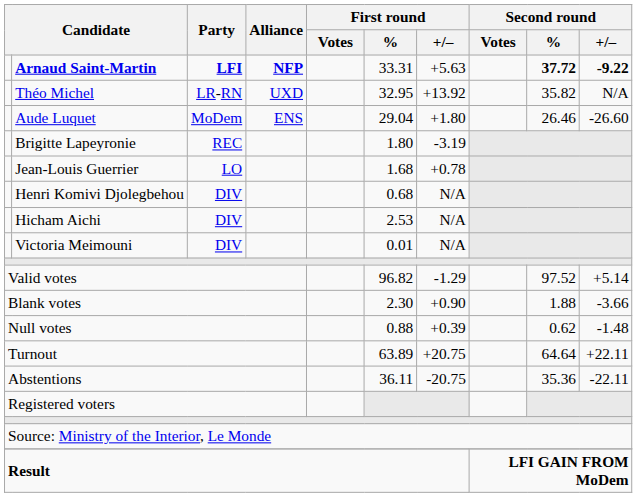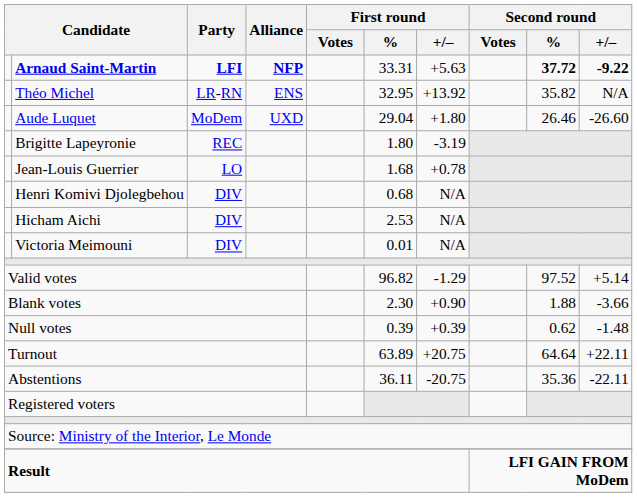 <table class="wikitable" style="text-align:right;font-size:95%;">
 <tr>
 <th rowspan="2" colspan="2">Candidate</th>
 <th rowspan="2">Party</th>
 <th rowspan="2">Alliance</th>
 <th colspan="3">First round</th>
 <th colspan="3">Second round</th>
 </tr>
 <tr>
 <th style="width:50px;">Votes</th>
 <th style="width:45px;">%</th>
 <th style="width:45px;">+/–</th>
 <th style="width:50px;">Votes</th>
 <th style="width:45px;">%</th>
 <th style="width:45px;">+/–</th>
 </tr>
 <tr>
 <td style="color:inherit;background:"></td>
 <td style="text-align:left;"><strong><a href='#'>Arnaud Saint-Martin</a></strong></td>
 <td><a href='#'><strong>LFI</strong></a></td>
 <td><a href='#'><strong>NFP</strong></a></td>
 <td></td>
 <td>33.31</td>
 <td>+5.63</td>
 <td><strong></strong></td>
 <td><strong>37.72</strong></td>
 <td><strong>-9.22</strong></td>
 </tr>
 <tr>
 <td style="color:inherit;background:"></td>
 <td style="text-align:left;"><a href='#'>Théo Michel</a></td>
 <td><a href='#'>LR</a>-<a href='#'>RN</a></td>
-<td><a href='#'>UXD</a></td>
+<td><a href='#'>ENS</a></td>
 <td></td>
 <td>32.95</td>
 <td>+13.92</td>
 <td></td>
 <td>35.82</td>
 <td>N/A</td>
 </tr>
 <tr>
 <td style="color:inherit;background:"></td>
 <td style="text-align:left;"><a href='#'>Aude Luquet</a></td>
 <td><a href='#'>MoDem</a></td>
-<td><a href='#'>ENS</a></td>
+<td><a href='#'>UXD</a></td>
 <td></td>
 <td>29.04</td>
 <td>+1.80</td>
 <td></td>
 <td>26.46</td>
 <td>-26.60</td>
 </tr>
 <tr>
 <td style="color:inherit;background:"></td>
 <td style="text-align:left;">Brigitte Lapeyronie</td>
 <td><a href='#'>REC</a></td>
 <td></td>
 <td></td>
 <td>1.80</td>
 <td>-3.19</td>
 <td colspan="3" style="background:#E9E9E9;"></td>
 </tr>
 <tr>
 <td style="color:inherit;background:"></td>
 <td style="text-align:left;">Jean-Louis Guerrier</td>
 <td><a href='#'>LO</a></td>
 <td></td>
 <td></td>
 <td>1.68</td>
 <td>+0.78</td>
 <td colspan="3" style="background:#E9E9E9;"></td>
 </tr>
 <tr>
 <td style="color:inherit;background:"></td>
 <td style="text-align:left;">Henri Komivi Djolegbehou</td>
 <td><a href='#'>DIV</a></td>
 <td></td>
 <td></td>
 <td>0.68</td>
 <td>N/A</td>
 <td colspan="3" style="background:#E9E9E9;"></td>
 </tr>
 <tr>
 <td style="color:inherit;background:"></td>
 <td style="text-align:left;">Hicham Aichi</td>
 <td><a href='#'>DIV</a></td>
 <td></td>
 <td></td>
 <td>2.53</td>
 <td>N/A</td>
 <td colspan="3" style="background:#E9E9E9;"></td>
 </tr>
 <tr>
 <td style="color:inherit;background:"></td>
 <td style="text-align:left;">Victoria Meimouni</td>
 <td><a href='#'>DIV</a></td>
 <td></td>
 <td></td>
 <td>0.01</td>
 <td>N/A</td>
 <td colspan="3" style="background:#E9E9E9;"></td>
 </tr>
 <tr>
 <td colspan="10" style="background:#E9E9E9;"></td>
 </tr>
 <tr>
 <td colspan="4" style="text-align:left;">Valid votes</td>
 <td></td>
 <td>96.82</td>
 <td>-1.29</td>
 <td></td>
 <td>97.52</td>
 <td>+5.14</td>
 </tr>
 <tr>
 <td colspan="4" style="text-align:left;">Blank votes</td>
 <td></td>
 <td>2.30</td>
 <td>+0.90</td>
 <td></td>
 <td>1.88</td>
 <td>-3.66</td>
 </tr>
 <tr>
 <td colspan="4" style="text-align:left;">Null votes</td>
 <td></td>
-<td>0.88</td>
+<td>0.39</td>
 <td>+0.39</td>
 <td></td>
 <td>0.62</td>
 <td>-1.48</td>
 </tr>
 <tr>
 <td colspan="4" style="text-align:left;">Turnout</td>
 <td></td>
 <td>63.89</td>
 <td>+20.75</td>
 <td></td>
 <td>64.64</td>
 <td>+22.11</td>
 </tr>
 <tr>
 <td colspan="4" style="text-align:left;">Abstentions</td>
 <td></td>
 <td>36.11</td>
 <td>-20.75</td>
 <td></td>
 <td>35.36</td>
 <td>-22.11</td>
 </tr>
 <tr>
 <td colspan="4" style="text-align:left;">Registered voters</td>
 <td></td>
 <td colspan="2" style="background:#E9E9E9;"></td>
 <td></td>
 <td colspan="2" style="background:#E9E9E9;"></td>
 </tr>
 <tr>
 <td colspan="10" style="background:#E9E9E9;"></td>
 </tr>
 <tr>
 <td colspan="10" style="text-align:left;">Source: <a href='#'>Ministry of the Interior</a>, <a href='#'>Le Monde</a></td>
 </tr>
 <tr>
 </tr>
 <tr style="font-weight:bold">
 <td colspan="7" style="text-align:left;">Result</td>
 <td colspan="7" style="background-color:">LFI GAIN FROM MoDem</td>
 </tr>
 </table>
